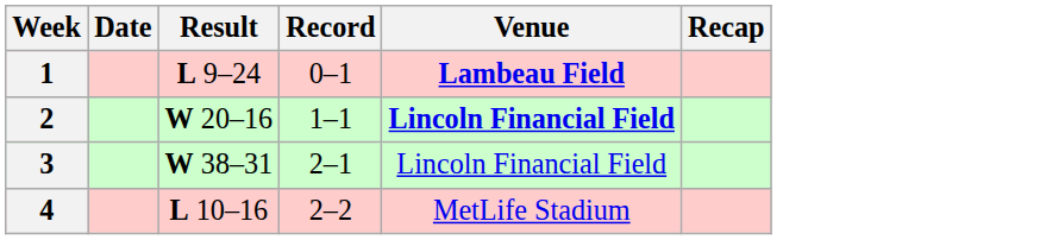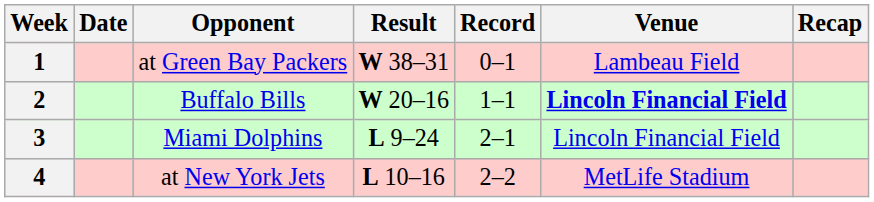 <table class="wikitable" style="text-align:center">
 <tr>
 <th>Week</th>
 <th>Date</th>
+<th>Opponent</th>
 <th>Result</th>
 <th>Record</th>
 <th>Venue</th>
 <th>Recap</th>
 </tr>
 <tr style="background:#fcc">
 <th>1</th>
 <td></td>
-<td><strong>L</strong> 9–24</td>
+<td>at <a href='#'>Green Bay Packers</a></td>
+<td><strong>W</strong> 38–31</td>
 <td>0–1</td>
-<td><strong><a href='#'>Lambeau Field</a></strong></td>
+<td><a href='#'>Lambeau Field</a></td>
 <td></td>
 </tr>
 <tr style="background:#cfc">
 <th>2</th>
 <td></td>
+<td><a href='#'>Buffalo Bills</a></td>
 <td><strong>W</strong> 20–16</td>
 <td>1–1</td>
 <td><strong><a href='#'>Lincoln Financial Field</a></strong></td>
 <td></td>
 </tr>
 <tr style="background:#cfc">
 <th>3</th>
 <td></td>
-<td><strong>W</strong> 38–31</td>
+<td><a href='#'>Miami Dolphins</a></td>
+<td><strong>L</strong> 9–24</td>
 <td>2–1</td>
 <td><a href='#'>Lincoln Financial Field</a></td>
 <td></td>
 </tr>
 <tr style="background:#fcc">
 <th>4</th>
 <td></td>
+<td>at <a href='#'>New York Jets</a></td>
 <td><strong>L</strong> 10–16</td>
 <td>2–2</td>
 <td><a href='#'>MetLife Stadium</a></td>
 <td></td>
 </tr>
 </table>
